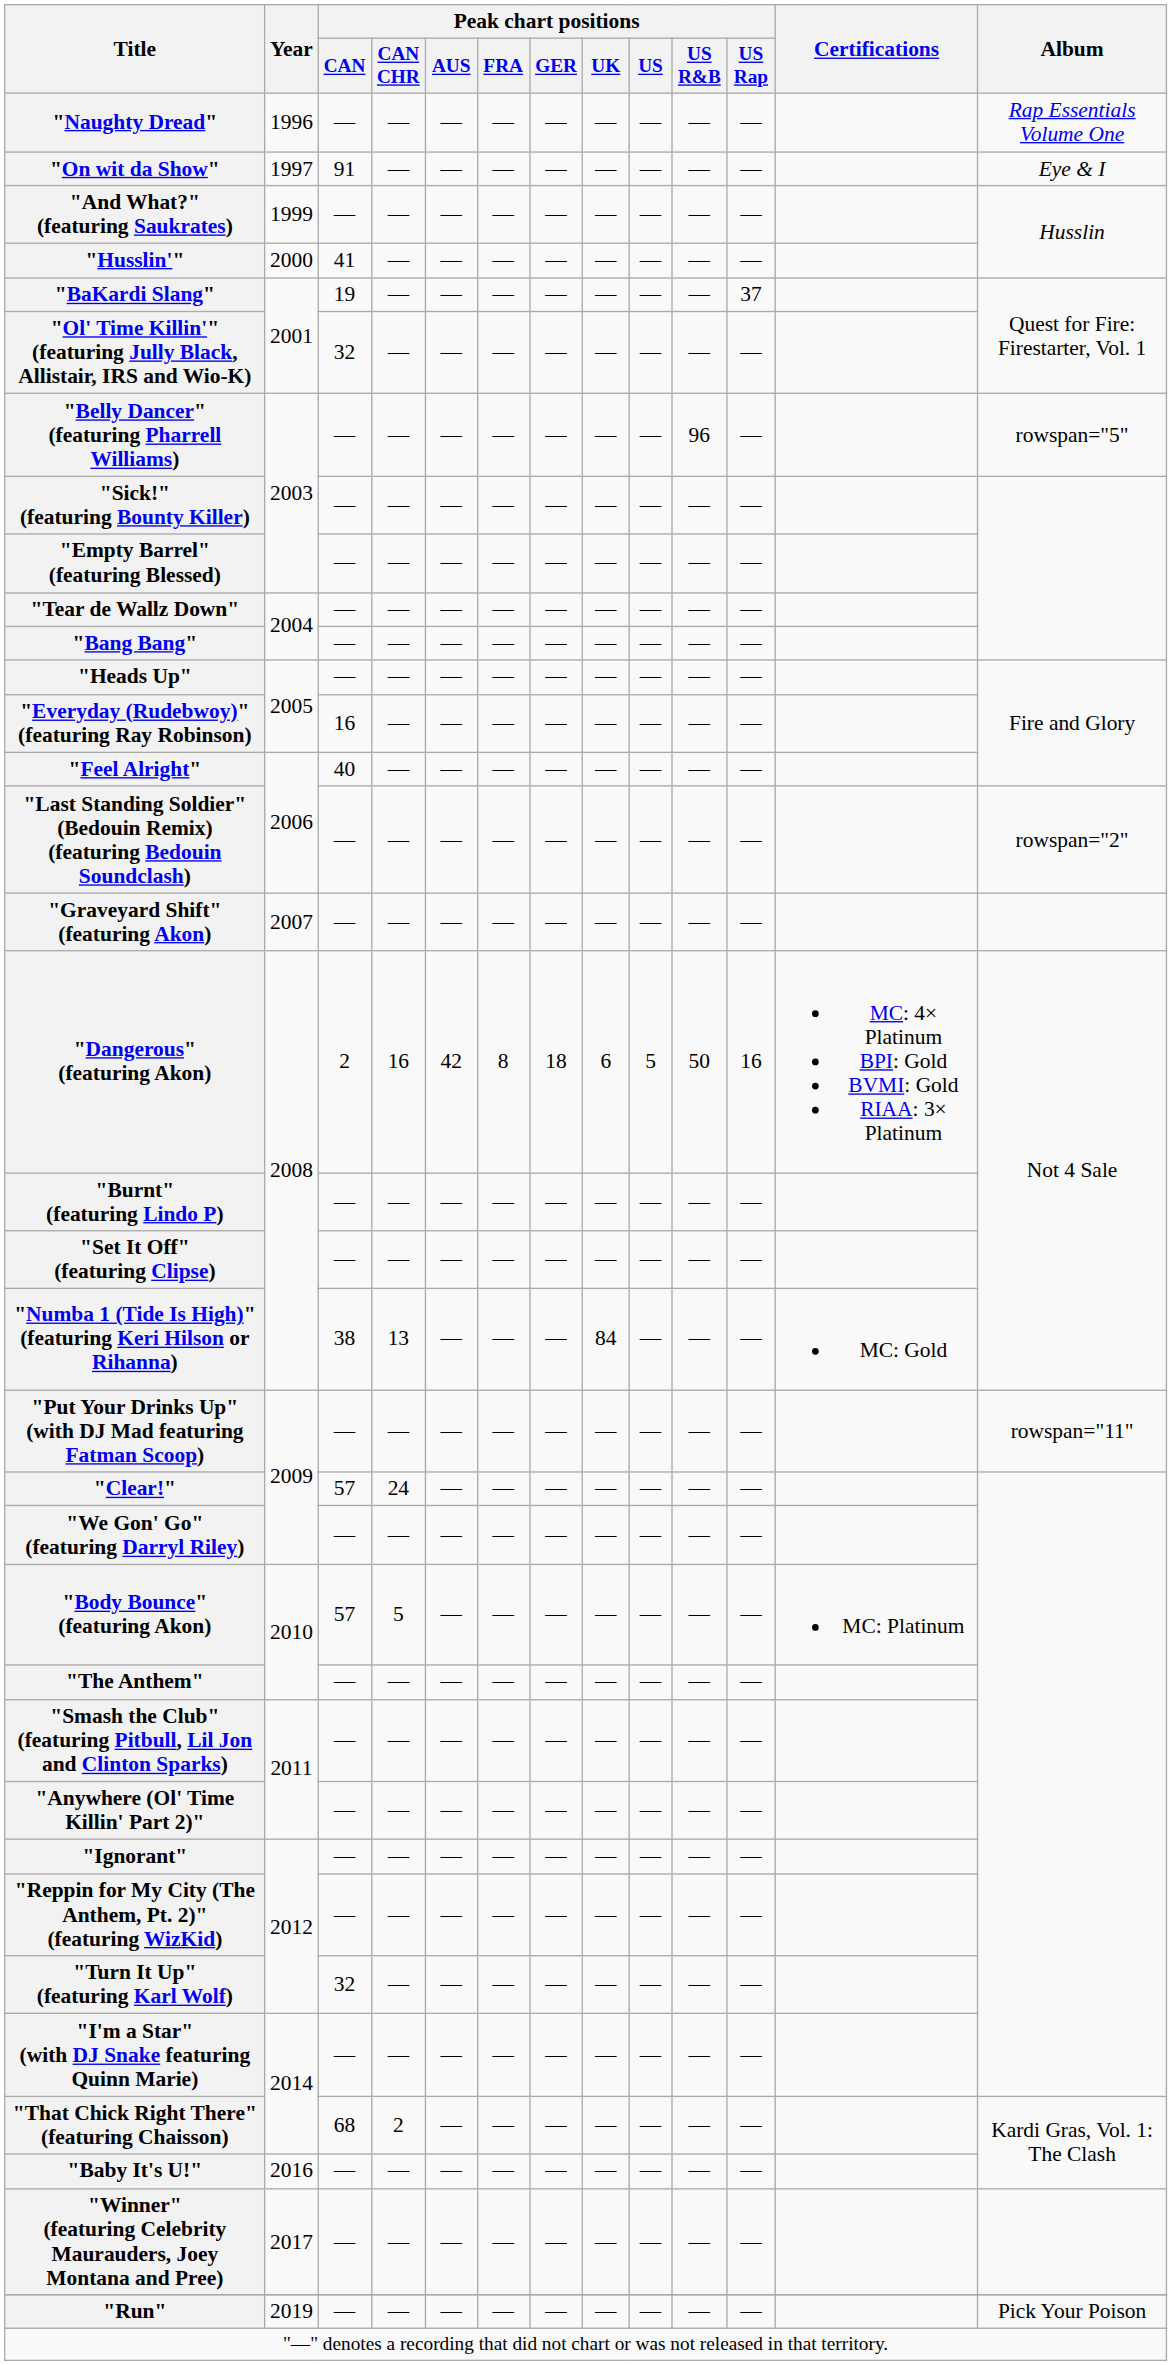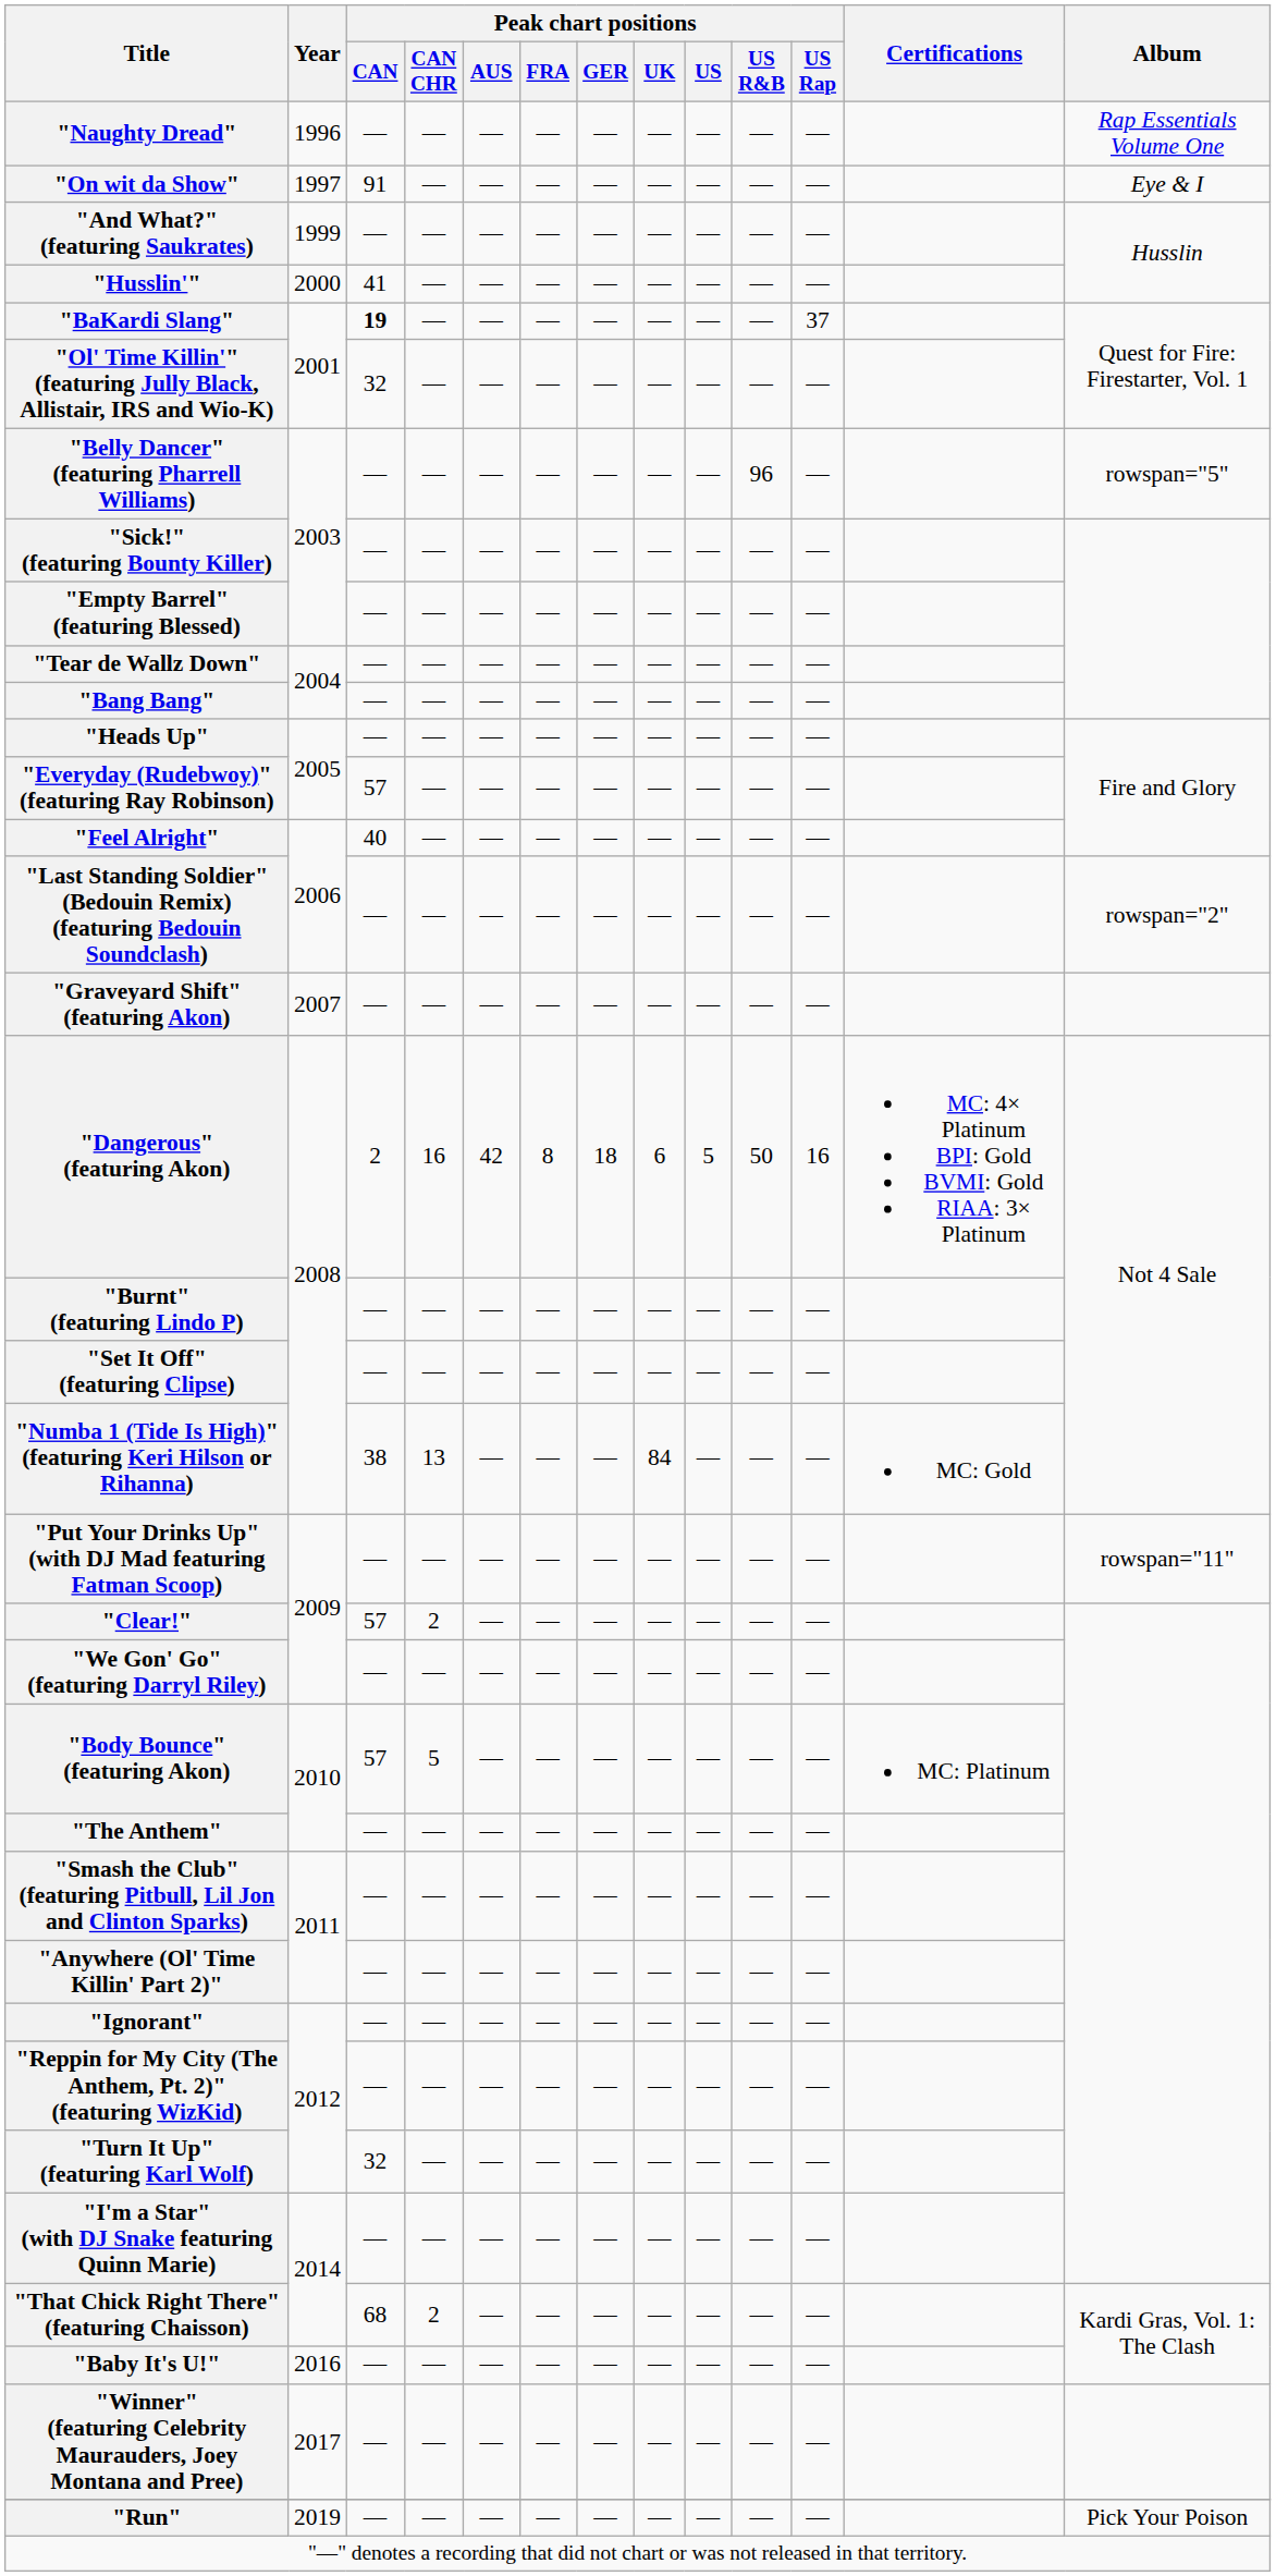 <table class="wikitable plainrowheaders" style="text-align:center;">
 <tr>
 <th scope="col" rowspan="2" style="width:20em;">Title</th>
 <th scope="col" rowspan="2" style="width:1em;">Year</th>
 <th scope="col" colspan="9">Peak chart positions</th>
 <th scope="col" rowspan="2" style="width:13em;"><a href='#'>Certifications</a></th>
 <th scope="col" rowspan="2" style="width:12em;">Album</th>
 </tr>
 <tr>
 <th scope="col" style="width:2.5em;font-size:90%;"><a href='#'>CAN</a><br></th>
 <th scope="col" style="width:2.5em;font-size:90%;"><a href='#'>CAN<br>CHR</a><br></th>
 <th scope="col" style="width:2.5em;font-size:90%;"><a href='#'>AUS</a><br></th>
 <th scope="col" style="width:2.5em;font-size:90%;"><a href='#'>FRA</a><br></th>
 <th scope="col" style="width:2.5em;font-size:90%;"><a href='#'>GER</a><br></th>
 <th scope="col" style="width:2.5em;font-size:90%;"><a href='#'>UK</a><br></th>
 <th scope="col" style="width:2.5em;font-size:90%;"><a href='#'>US</a><br></th>
 <th scope="col" style="width:2.5em;font-size:90%;"><a href='#'>US<br>R&B</a><br></th>
 <th scope="col" style="width:2.5em;font-size:90%;"><a href='#'>US<br>Rap</a><br></th>
 </tr>
 <tr>
 <th scope="row">"<a href='#'>Naughty Dread</a>"</th>
 <td>1996</td>
 <td>—</td>
 <td>—</td>
 <td>—</td>
 <td>—</td>
 <td>—</td>
 <td>—</td>
 <td>—</td>
 <td>—</td>
 <td>—</td>
 <td></td>
 <td><em><a href='#'>Rap Essentials Volume One</a></em></td>
 </tr>
 <tr>
 <th scope="row">"<a href='#'>On wit da Show</a>"</th>
 <td>1997</td>
 <td>91</td>
 <td>—</td>
 <td>—</td>
 <td>—</td>
 <td>—</td>
 <td>—</td>
 <td>—</td>
 <td>—</td>
 <td>—</td>
 <td></td>
 <td><em>Eye & I</em></td>
 </tr>
 <tr>
 <th scope="row">"And What?"<br><span>(featuring <a href='#'>Saukrates</a>)</span></th>
 <td>1999</td>
 <td>—</td>
 <td>—</td>
 <td>—</td>
 <td>—</td>
 <td>—</td>
 <td>—</td>
 <td>—</td>
 <td>—</td>
 <td>—</td>
 <td></td>
 <td rowspan="2"><em>Husslin<strong></td>
 </tr>
 <tr>
 <th scope="row">"<a href='#'>Husslin'</a>"</th>
 <td>2000</td>
 <td>41</td>
 <td>—</td>
 <td>—</td>
 <td>—</td>
 <td>—</td>
 <td>—</td>
 <td>—</td>
 <td>—</td>
 <td>—</td>
 <td></td>
 </tr>
 <tr>
 <th scope="row">"<a href='#'>BaKardi Slang</a>"</th>
 <td rowspan="2">2001</td>
-<td>19</td>
+<td><strong>19</strong></td>
 <td>—</td>
 <td>—</td>
 <td>—</td>
 <td>—</td>
 <td>—</td>
 <td>—</td>
 <td>—</td>
 <td>37</td>
 <td></td>
 <td rowspan="2"></em>Quest for Fire: Firestarter, Vol. 1<em></td>
 </tr>
 <tr>
 <th scope="row">"<a href='#'>Ol' Time Killin'</a>"<br><span>(featuring <a href='#'>Jully Black</a>, Allistair, IRS and Wio-K)</span></th>
 <td>32</td>
 <td>—</td>
 <td>—</td>
 <td>—</td>
 <td>—</td>
 <td>—</td>
 <td>—</td>
 <td>—</td>
 <td>—</td>
 <td></td>
 </tr>
 <tr>
 <th scope="row">"<a href='#'>Belly Dancer</a>"<br><span>(featuring <a href='#'>Pharrell Williams</a>)</span></th>
 <td rowspan="3">2003</td>
 <td>—</td>
 <td>—</td>
 <td>—</td>
 <td>—</td>
 <td>—</td>
 <td>—</td>
 <td>—</td>
 <td>96</td>
 <td>—</td>
 <td></td>
 <td>rowspan="5" </td>
 </tr>
 <tr>
 <th scope="row">"Sick!"<br><span>(featuring <a href='#'>Bounty Killer</a>)</span></th>
 <td>—</td>
 <td>—</td>
 <td>—</td>
 <td>—</td>
 <td>—</td>
 <td>—</td>
 <td>—</td>
 <td>—</td>
 <td>—</td>
 <td></td>
 </tr>
 <tr>
 <th scope="row">"Empty Barrel"<br><span>(featuring Blessed)</span></th>
 <td>—</td>
 <td>—</td>
 <td>—</td>
 <td>—</td>
 <td>—</td>
 <td>—</td>
 <td>—</td>
 <td>—</td>
 <td>—</td>
 <td></td>
 </tr>
 <tr>
 <th scope="row">"Tear de Wallz Down"</th>
 <td rowspan="2">2004</td>
 <td>—</td>
 <td>—</td>
 <td>—</td>
 <td>—</td>
 <td>—</td>
 <td>—</td>
 <td>—</td>
 <td>—</td>
 <td>—</td>
 <td></td>
 </tr>
 <tr>
 <th scope="row">"<a href='#'>Bang Bang</a>"</th>
 <td>—</td>
 <td>—</td>
 <td>—</td>
 <td>—</td>
 <td>—</td>
 <td>—</td>
 <td>—</td>
 <td>—</td>
 <td>—</td>
 <td></td>
 </tr>
 <tr>
 <th scope="row">"Heads Up"</th>
 <td rowspan="2">2005</td>
 <td>—</td>
 <td>—</td>
 <td>—</td>
 <td>—</td>
 <td>—</td>
 <td>—</td>
 <td>—</td>
 <td>—</td>
 <td>—</td>
 <td></td>
 <td rowspan="3"></em>Fire and Glory<em></td>
 </tr>
 <tr>
 <th scope="row">"<a href='#'>Everyday (Rudebwoy)</a>"<br><span>(featuring Ray Robinson)</span></th>
-<td>16</td>
+<td>57</td>
 <td>—</td>
 <td>—</td>
 <td>—</td>
 <td>—</td>
 <td>—</td>
 <td>—</td>
 <td>—</td>
 <td>—</td>
 <td></td>
 </tr>
 <tr>
 <th scope="row">"<a href='#'>Feel Alright</a>"</th>
 <td rowspan="2">2006</td>
 <td>40</td>
 <td>—</td>
 <td>—</td>
 <td>—</td>
 <td>—</td>
 <td>—</td>
 <td>—</td>
 <td>—</td>
 <td>—</td>
 <td></td>
 </tr>
 <tr>
 <th scope="row">"Last Standing Soldier" (Bedouin Remix)<br><span>(featuring <a href='#'>Bedouin Soundclash</a>)</span></th>
 <td>—</td>
 <td>—</td>
 <td>—</td>
 <td>—</td>
 <td>—</td>
 <td>—</td>
 <td>—</td>
 <td>—</td>
 <td>—</td>
 <td></td>
 <td>rowspan="2" </td>
 </tr>
 <tr>
 <th scope="row">"Graveyard Shift"<br><span>(featuring <a href='#'>Akon</a>)</span></th>
 <td>2007</td>
 <td>—</td>
 <td>—</td>
 <td>—</td>
 <td>—</td>
 <td>—</td>
 <td>—</td>
 <td>—</td>
 <td>—</td>
 <td>—</td>
 <td></td>
 </tr>
 <tr>
 <th scope="row">"<a href='#'>Dangerous</a>"<br><span>(featuring Akon)</span></th>
 <td rowspan="4">2008</td>
 <td>2</td>
 <td>16</td>
 <td>42</td>
 <td>8</td>
 <td>18</td>
 <td>6</td>
 <td>5</td>
 <td>50</td>
 <td>16</td>
 <td><br><ul><li><a href='#'>MC</a>: 4× Platinum</li><li><a href='#'>BPI</a>: Gold</li><li><a href='#'>BVMI</a>: Gold</li><li><a href='#'>RIAA</a>: 3× Platinum</li></ul></td>
 <td rowspan="4"></em>Not 4 Sale<em></td>
 </tr>
 <tr>
 <th scope="row">"Burnt"<br><span>(featuring <a href='#'>Lindo P</a>)</span></th>
 <td>—</td>
 <td>—</td>
 <td>—</td>
 <td>—</td>
 <td>—</td>
 <td>—</td>
 <td>—</td>
 <td>—</td>
 <td>—</td>
 <td></td>
 </tr>
 <tr>
 <th scope="row">"Set It Off"<br><span>(featuring <a href='#'>Clipse</a>)</span></th>
 <td>—</td>
 <td>—</td>
 <td>—</td>
 <td>—</td>
 <td>—</td>
 <td>—</td>
 <td>—</td>
 <td>—</td>
 <td>—</td>
 <td></td>
 </tr>
 <tr>
 <th scope="row">"<a href='#'>Numba 1 (Tide Is High)</a>"<br><span>(featuring <a href='#'>Keri Hilson</a> or <a href='#'>Rihanna</a>)</span></th>
 <td>38</td>
 <td>13</td>
 <td>—</td>
 <td>—</td>
 <td>—</td>
 <td>84</td>
 <td>—</td>
 <td>—</td>
 <td>—</td>
 <td><br><ul><li>MC: Gold</li></ul></td>
 </tr>
 <tr>
 <th scope="row">"Put Your Drinks Up"<br><span>(with DJ Mad featuring <a href='#'>Fatman Scoop</a>)</span></th>
 <td rowspan="3">2009</td>
 <td>—</td>
 <td>—</td>
 <td>—</td>
 <td>—</td>
 <td>—</td>
 <td>—</td>
 <td>—</td>
 <td>—</td>
 <td>—</td>
 <td></td>
 <td>rowspan="11" </td>
 </tr>
 <tr>
 <th scope="row">"<a href='#'>Clear!</a>"</th>
 <td>57</td>
-<td>24</td>
+<td>2</td>
 <td>—</td>
 <td>—</td>
 <td>—</td>
 <td>—</td>
 <td>—</td>
 <td>—</td>
 <td>—</td>
 <td></td>
 </tr>
 <tr>
 <th scope="row">"We Gon' Go"<br><span>(featuring <a href='#'>Darryl Riley</a>)</span></th>
 <td>—</td>
 <td>—</td>
 <td>—</td>
 <td>—</td>
 <td>—</td>
 <td>—</td>
 <td>—</td>
 <td>—</td>
 <td>—</td>
 <td></td>
 </tr>
 <tr>
 <th scope="row">"<a href='#'>Body Bounce</a>"<br><span>(featuring Akon)</span></th>
 <td rowspan="2">2010</td>
 <td>57</td>
 <td>5</td>
 <td>—</td>
 <td>—</td>
 <td>—</td>
 <td>—</td>
 <td>—</td>
 <td>—</td>
 <td>—</td>
 <td><br><ul><li>MC: Platinum</li></ul></td>
 </tr>
 <tr>
 <th scope="row">"The Anthem"</th>
 <td>—</td>
 <td>—</td>
 <td>—</td>
 <td>—</td>
 <td>—</td>
 <td>—</td>
 <td>—</td>
 <td>—</td>
 <td>—</td>
 <td></td>
 </tr>
 <tr>
 <th scope="row">"Smash the Club"<br><span>(featuring <a href='#'>Pitbull</a>, <a href='#'>Lil Jon</a> and <a href='#'>Clinton Sparks</a>)</span></th>
 <td rowspan="2">2011</td>
 <td>—</td>
 <td>—</td>
 <td>—</td>
 <td>—</td>
 <td>—</td>
 <td>—</td>
 <td>—</td>
 <td>—</td>
 <td>—</td>
 <td></td>
 </tr>
 <tr>
 <th scope="row">"Anywhere (Ol' Time Killin' Part 2)"</th>
 <td>—</td>
 <td>—</td>
 <td>—</td>
 <td>—</td>
 <td>—</td>
 <td>—</td>
 <td>—</td>
 <td>—</td>
 <td>—</td>
 <td></td>
 </tr>
 <tr>
 <th scope="row">"Ignorant"</th>
 <td rowspan="3">2012</td>
 <td>—</td>
 <td>—</td>
 <td>—</td>
 <td>—</td>
 <td>—</td>
 <td>—</td>
 <td>—</td>
 <td>—</td>
 <td>—</td>
 <td></td>
 </tr>
 <tr>
 <th scope="row">"Reppin for My City (The Anthem, Pt. 2)"<br><span>(featuring <a href='#'>WizKid</a>)</span></th>
 <td>—</td>
 <td>—</td>
 <td>—</td>
 <td>—</td>
 <td>—</td>
 <td>—</td>
 <td>—</td>
 <td>—</td>
 <td>—</td>
 <td></td>
 </tr>
 <tr>
 <th scope="row">"Turn It Up"<br><span>(featuring <a href='#'>Karl Wolf</a>)</span></th>
 <td>32</td>
 <td>—</td>
 <td>—</td>
 <td>—</td>
 <td>—</td>
 <td>—</td>
 <td>—</td>
 <td>—</td>
 <td>—</td>
 <td></td>
 </tr>
 <tr>
 <th scope="row">"I'm a Star"<br><span>(with <a href='#'>DJ Snake</a> featuring Quinn Marie)</span></th>
 <td rowspan="2">2014</td>
 <td>—</td>
 <td>—</td>
 <td>—</td>
 <td>—</td>
 <td>—</td>
 <td>—</td>
 <td>—</td>
 <td>—</td>
 <td>—</td>
 <td></td>
 </tr>
 <tr>
 <th scope="row">"That Chick Right There"<br><span>(featuring Chaisson)</span></th>
 <td>68</td>
 <td>2</td>
 <td>—</td>
 <td>—</td>
 <td>—</td>
 <td>—</td>
 <td>—</td>
 <td>—</td>
 <td>—</td>
 <td></td>
 <td rowspan="2"></em>Kardi Gras, Vol. 1: The Clash<em></td>
 </tr>
 <tr>
 <th scope="row">"Baby It's U!"</th>
 <td>2016</td>
 <td>—</td>
 <td>—</td>
 <td>—</td>
 <td>—</td>
 <td>—</td>
 <td>—</td>
 <td>—</td>
 <td>—</td>
 <td>—</td>
 <td></td>
 </tr>
 <tr>
 <th scope="row">"Winner"<br><span>(featuring Celebrity Maurauders, Joey Montana and Pree)</span></th>
 <td>2017</td>
 <td>—</td>
 <td>—</td>
 <td>—</td>
 <td>—</td>
 <td>—</td>
 <td>—</td>
 <td>—</td>
 <td>—</td>
 <td>—</td>
 <td></td>
 <td></td>
 </tr>
 <tr>
 </tr>
 <tr>
 <th scope="row">"Run"</th>
 <td>2019</td>
 <td>—</td>
 <td>—</td>
 <td>—</td>
 <td>—</td>
 <td>—</td>
 <td>—</td>
 <td>—</td>
 <td>—</td>
 <td>—</td>
 <td></td>
 <td></em>Pick Your Poison<em></td>
 </tr>
 <tr>
 <td colspan="15" style="font-size:90%">"—" denotes a recording that did not chart or was not released in that territory.</td>
 </tr>
 </table>
